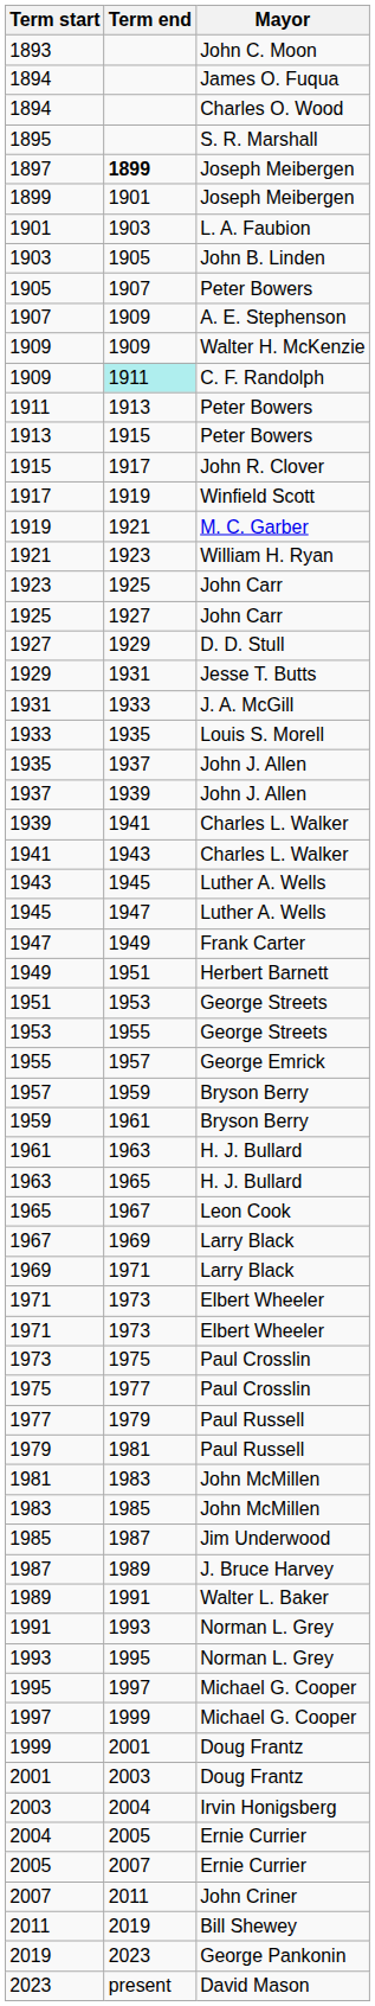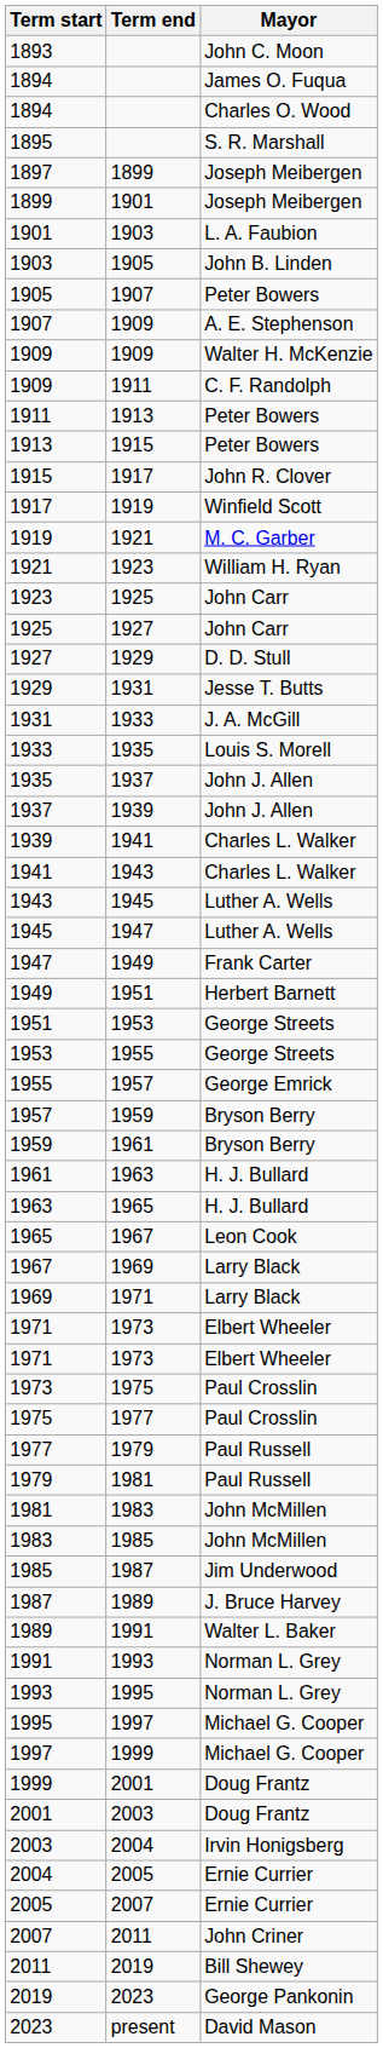 <table class="wikitable sortable">
 <tr>
 <th>Term start</th>
 <th>Term end</th>
 <th>Mayor</th>
 </tr>
 <tr --->
 <td>1893</td>
 <td></td>
 <td>John C. Moon</td>
 </tr>
 <tr --->
 <td>1894</td>
 <td></td>
 <td>James O. Fuqua</td>
 </tr>
 <tr --->
 <td>1894</td>
 <td></td>
 <td>Charles O. Wood</td>
 </tr>
 <tr --->
 <td>1895</td>
 <td></td>
 <td>S. R. Marshall</td>
 </tr>
 <tr --->
 <td>1897</td>
-<td><strong>1899</strong></td>
+<td>1899</td>
 <td>Joseph Meibergen</td>
 </tr>
 <tr --->
 <td>1899</td>
 <td>1901</td>
 <td>Joseph Meibergen</td>
 </tr>
 <tr --->
 <td>1901</td>
 <td>1903</td>
 <td>L. A. Faubion</td>
 </tr>
 <tr --->
 <td>1903</td>
 <td>1905</td>
 <td>John B. Linden</td>
 </tr>
 <tr --->
 <td>1905</td>
 <td>1907</td>
 <td>Peter Bowers</td>
 </tr>
 <tr --->
 <td>1907</td>
 <td>1909</td>
 <td>A. E. Stephenson</td>
 </tr>
 <tr --->
 <td>1909</td>
 <td>1909</td>
 <td>Walter H. McKenzie</td>
 </tr>
 <tr --->
 <td>1909</td>
-<td style="background: paleturquoise;">1911</td>
+<td>1911</td>
 <td>C. F. Randolph</td>
 </tr>
 <tr --->
 <td>1911</td>
 <td>1913</td>
 <td>Peter Bowers</td>
 </tr>
 <tr --->
 <td>1913</td>
 <td>1915</td>
 <td>Peter Bowers</td>
 </tr>
 <tr --->
 <td>1915</td>
 <td>1917</td>
 <td>John R. Clover</td>
 </tr>
 <tr --->
 <td>1917</td>
 <td>1919</td>
 <td>Winfield Scott</td>
 </tr>
 <tr --->
 <td>1919</td>
 <td>1921</td>
 <td><a href='#'>M. C. Garber</a></td>
 </tr>
 <tr --->
 <td>1921</td>
 <td>1923</td>
 <td>William H. Ryan</td>
 </tr>
 <tr --->
 <td>1923</td>
 <td>1925</td>
 <td>John Carr</td>
 </tr>
 <tr --->
 <td>1925</td>
 <td>1927</td>
 <td>John Carr</td>
 </tr>
 <tr --->
 <td>1927</td>
 <td>1929</td>
 <td>D. D. Stull</td>
 </tr>
 <tr --->
 <td>1929</td>
 <td>1931</td>
 <td>Jesse T. Butts</td>
 </tr>
 <tr --->
 <td>1931</td>
 <td>1933</td>
 <td>J. A. McGill</td>
 </tr>
 <tr --->
 <td>1933</td>
 <td>1935</td>
 <td>Louis S. Morell</td>
 </tr>
 <tr --->
 <td>1935</td>
 <td>1937</td>
 <td>John J. Allen</td>
 </tr>
 <tr --->
 <td>1937</td>
 <td>1939</td>
 <td>John J. Allen</td>
 </tr>
 <tr --->
 <td>1939</td>
 <td>1941</td>
 <td>Charles L. Walker</td>
 </tr>
 <tr --->
 <td>1941</td>
 <td>1943</td>
 <td>Charles L. Walker</td>
 </tr>
 <tr --->
 <td>1943</td>
 <td>1945</td>
 <td>Luther A. Wells</td>
 </tr>
 <tr --->
 <td>1945</td>
 <td>1947</td>
 <td>Luther A. Wells</td>
 </tr>
 <tr --->
 <td>1947</td>
 <td>1949</td>
 <td>Frank Carter</td>
 </tr>
 <tr --->
 <td>1949</td>
 <td>1951</td>
 <td>Herbert Barnett</td>
 </tr>
 <tr --->
 <td>1951</td>
 <td>1953</td>
 <td>George Streets</td>
 </tr>
 <tr --->
 <td>1953</td>
 <td>1955</td>
 <td>George Streets</td>
 </tr>
 <tr --->
 <td>1955</td>
 <td>1957</td>
 <td>George Emrick</td>
 </tr>
 <tr --->
 <td>1957</td>
 <td>1959</td>
 <td>Bryson Berry</td>
 </tr>
 <tr --->
 <td>1959</td>
 <td>1961</td>
 <td>Bryson Berry</td>
 </tr>
 <tr --->
 <td>1961</td>
 <td>1963</td>
 <td>H. J. Bullard</td>
 </tr>
 <tr --->
 <td>1963</td>
 <td>1965</td>
 <td>H. J. Bullard</td>
 </tr>
 <tr --->
 <td>1965</td>
 <td>1967</td>
 <td>Leon Cook</td>
 </tr>
 <tr --->
 <td>1967</td>
 <td>1969</td>
 <td>Larry Black</td>
 </tr>
 <tr --->
 <td>1969</td>
 <td>1971</td>
 <td>Larry Black</td>
 </tr>
 <tr --->
 <td>1971</td>
 <td>1973</td>
 <td>Elbert Wheeler</td>
 </tr>
 <tr --->
 <td>1971</td>
 <td>1973</td>
 <td>Elbert Wheeler</td>
 </tr>
 <tr --->
 <td>1973</td>
 <td>1975</td>
 <td>Paul Crosslin</td>
 </tr>
 <tr --->
 <td>1975</td>
 <td>1977</td>
 <td>Paul Crosslin</td>
 </tr>
 <tr --->
 <td>1977</td>
 <td>1979</td>
 <td>Paul Russell</td>
 </tr>
 <tr --->
 <td>1979</td>
 <td>1981</td>
 <td>Paul Russell</td>
 </tr>
 <tr --->
 <td>1981</td>
 <td>1983</td>
 <td>John McMillen</td>
 </tr>
 <tr --->
 <td>1983</td>
 <td>1985</td>
 <td>John McMillen</td>
 </tr>
 <tr --->
 <td>1985</td>
 <td>1987</td>
 <td>Jim Underwood</td>
 </tr>
 <tr --->
 <td>1987</td>
 <td>1989</td>
 <td>J. Bruce Harvey</td>
 </tr>
 <tr --->
 <td>1989</td>
 <td>1991</td>
 <td>Walter L. Baker</td>
 </tr>
 <tr --->
 <td>1991</td>
 <td>1993</td>
 <td>Norman L. Grey</td>
 </tr>
 <tr --->
 <td>1993</td>
 <td>1995</td>
 <td>Norman L. Grey</td>
 </tr>
 <tr --->
 <td>1995</td>
 <td>1997</td>
 <td>Michael G. Cooper</td>
 </tr>
 <tr --->
 <td>1997</td>
 <td>1999</td>
 <td>Michael G. Cooper</td>
 </tr>
 <tr --->
 <td>1999</td>
 <td>2001</td>
 <td>Doug Frantz</td>
 </tr>
 <tr --->
 <td>2001</td>
 <td>2003</td>
 <td>Doug Frantz</td>
 </tr>
 <tr --->
 <td>2003</td>
 <td>2004</td>
 <td>Irvin Honigsberg</td>
 </tr>
 <tr --->
 <td>2004</td>
 <td>2005</td>
 <td>Ernie Currier</td>
 </tr>
 <tr --->
 <td>2005</td>
 <td>2007</td>
 <td>Ernie Currier</td>
 </tr>
 <tr --->
 <td>2007</td>
 <td>2011</td>
 <td>John Criner</td>
 </tr>
 <tr --->
 <td>2011</td>
 <td>2019</td>
 <td>Bill Shewey</td>
 </tr>
 <tr --->
 <td>2019</td>
 <td>2023</td>
 <td>George Pankonin</td>
 </tr>
 <tr --->
 <td>2023</td>
 <td>present</td>
 <td>David Mason</td>
 </tr>
 </table>
